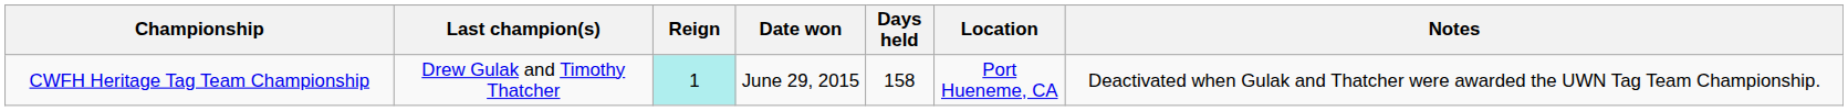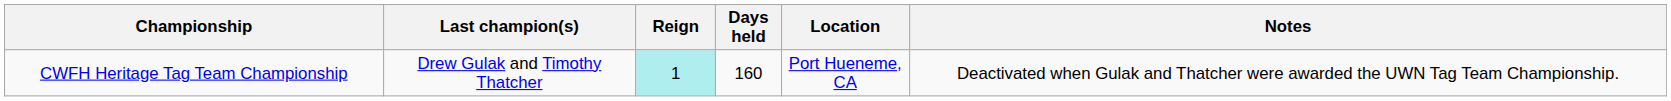 <table class="wikitable" width=100% style="text-align:center;">
 <tr>
 <th style="width: 15%">Championship</th>
 <th style="width: 10%">Last champion(s)</th>
 <th style="width: 3%">Reign</th>
-<th style="width: 5%">Date won</th>
 <th style="width: 2%">Days<br>held</th>
 <th style="width: 5%">Location</th>
 <th style="width: 30%">Notes</th>
 </tr>
 <tr>
 <td><a href='#'>CWFH Heritage Tag Team Championship</a></td>
 <td><a href='#'>Drew Gulak</a> and <a href='#'>Timothy Thatcher</a></td>
 <td style="background: paleturquoise;">1</td>
-<td>June 29, 2015</td>
-<td>158</td>
+<td>160</td>
 <td><a href='#'>Port Hueneme, CA</a></td>
 <td>Deactivated when Gulak and Thatcher were awarded the UWN Tag Team Championship.</td>
 </tr>
 </table>
